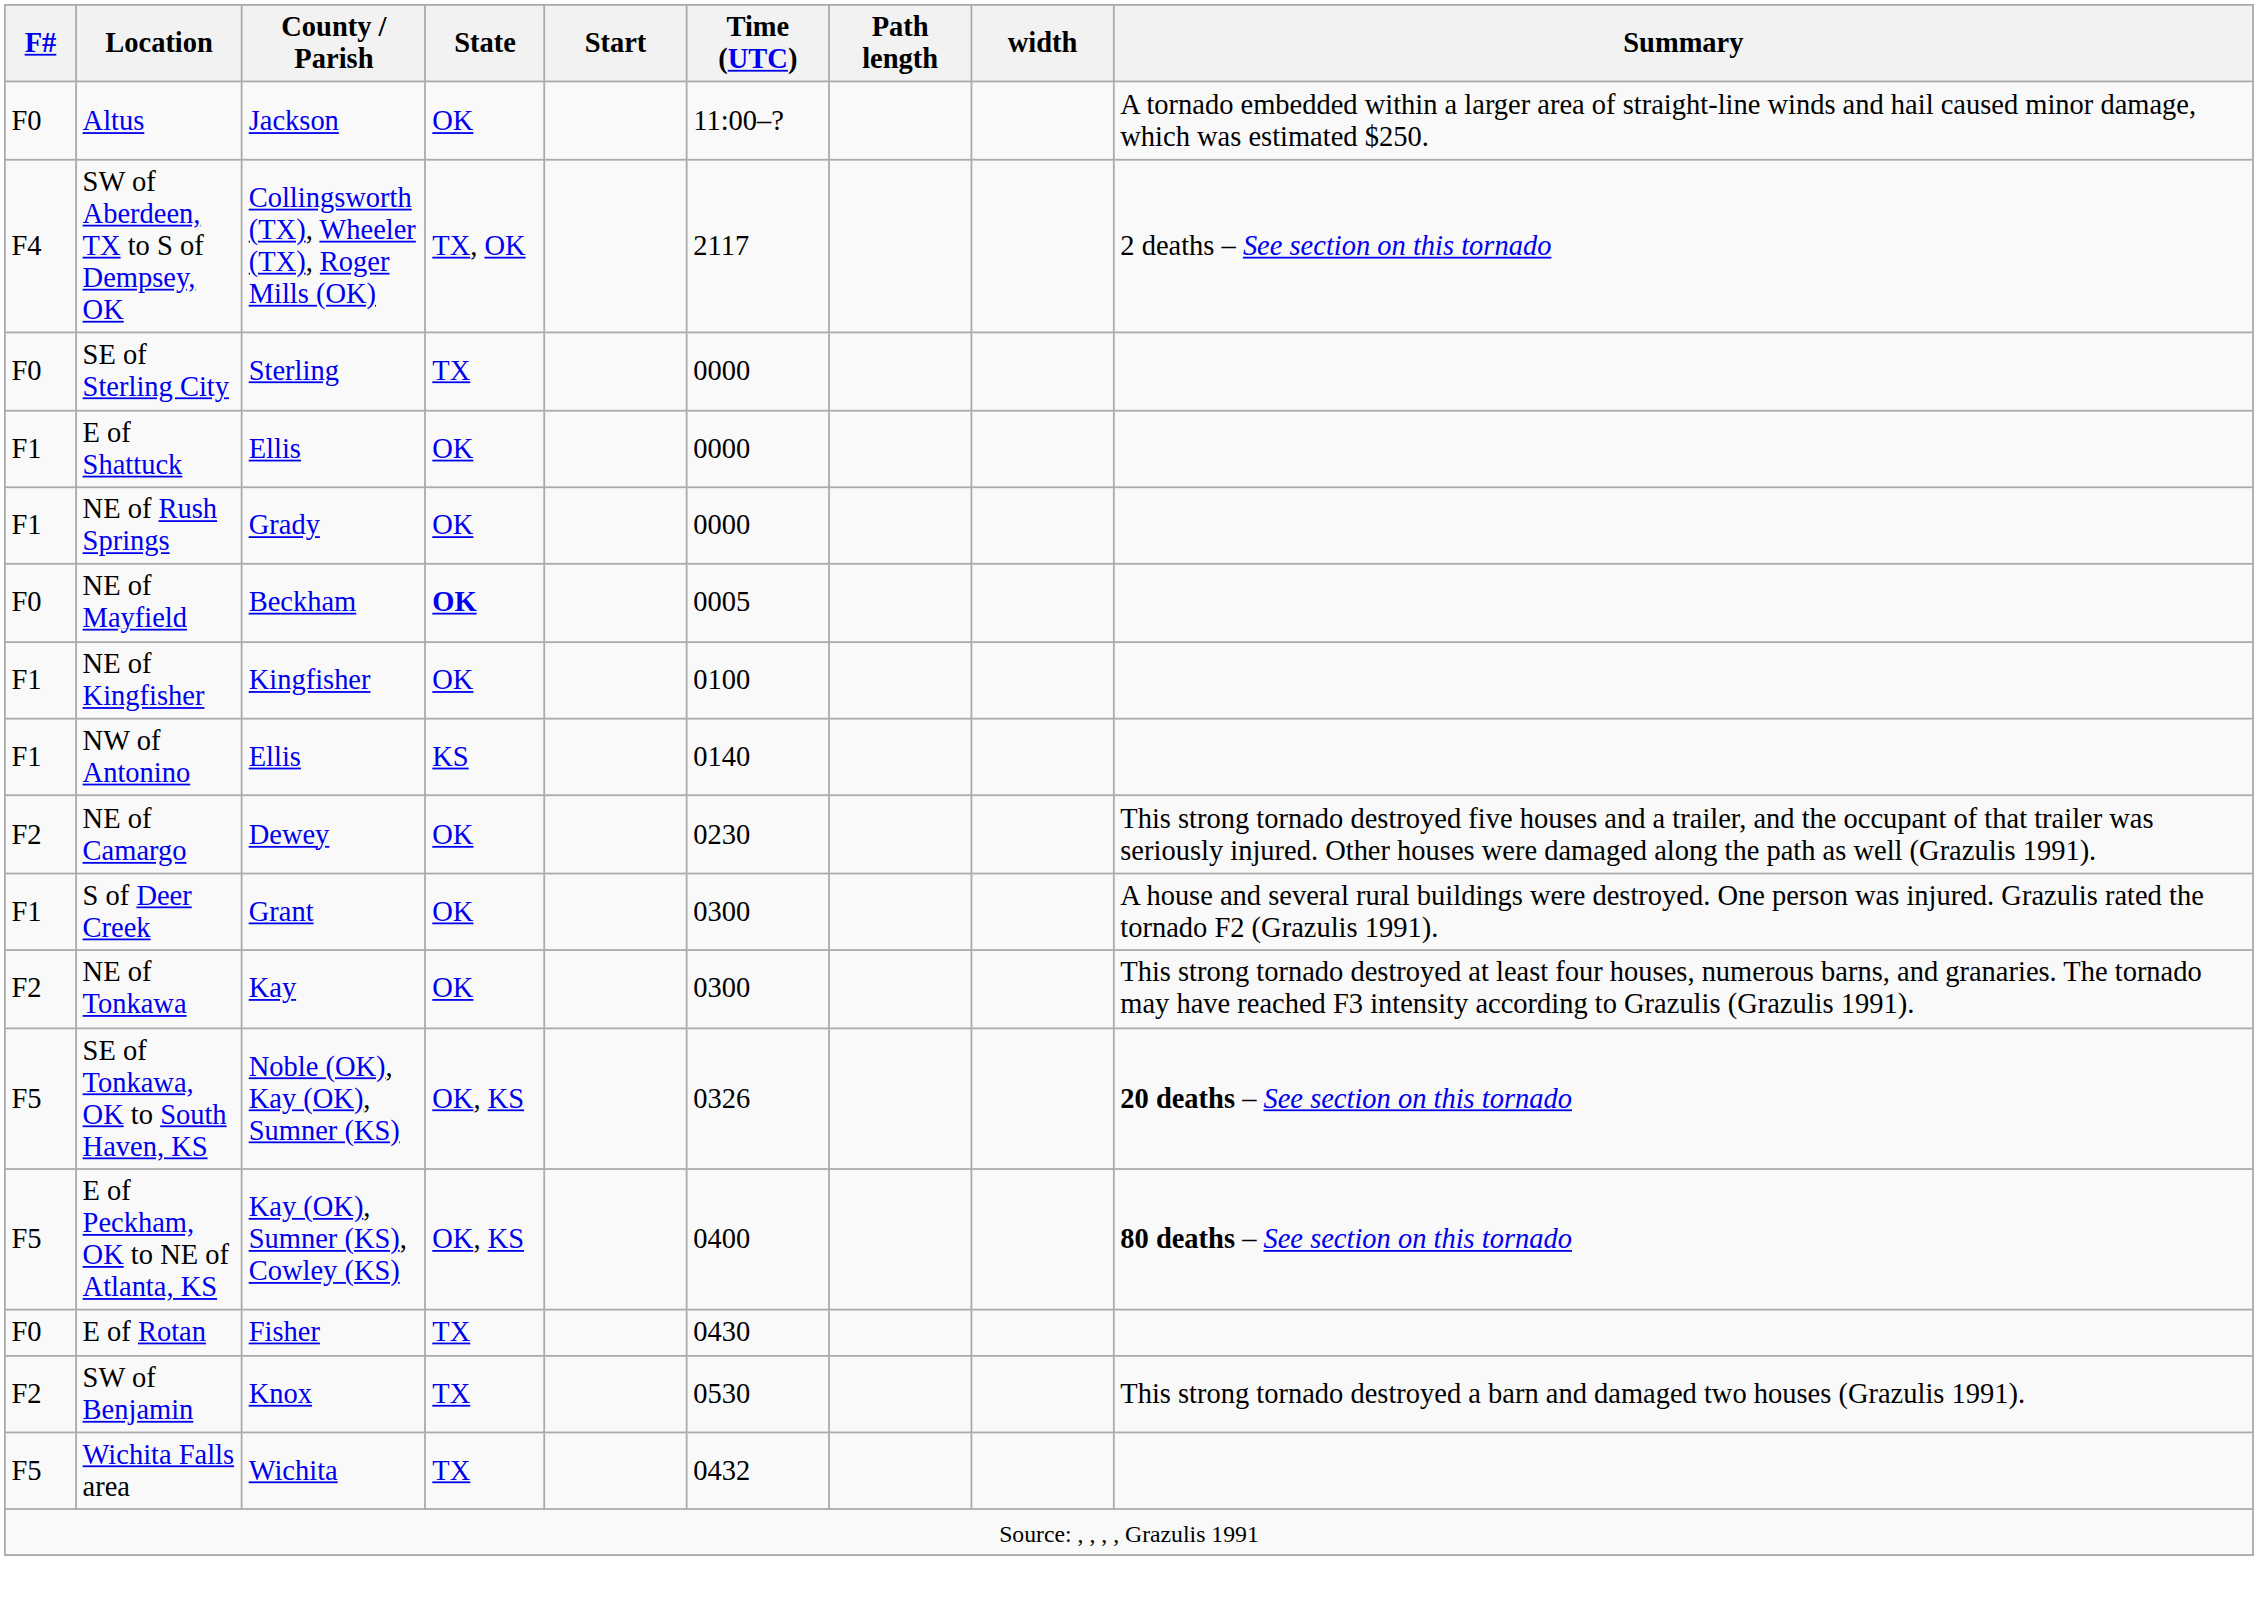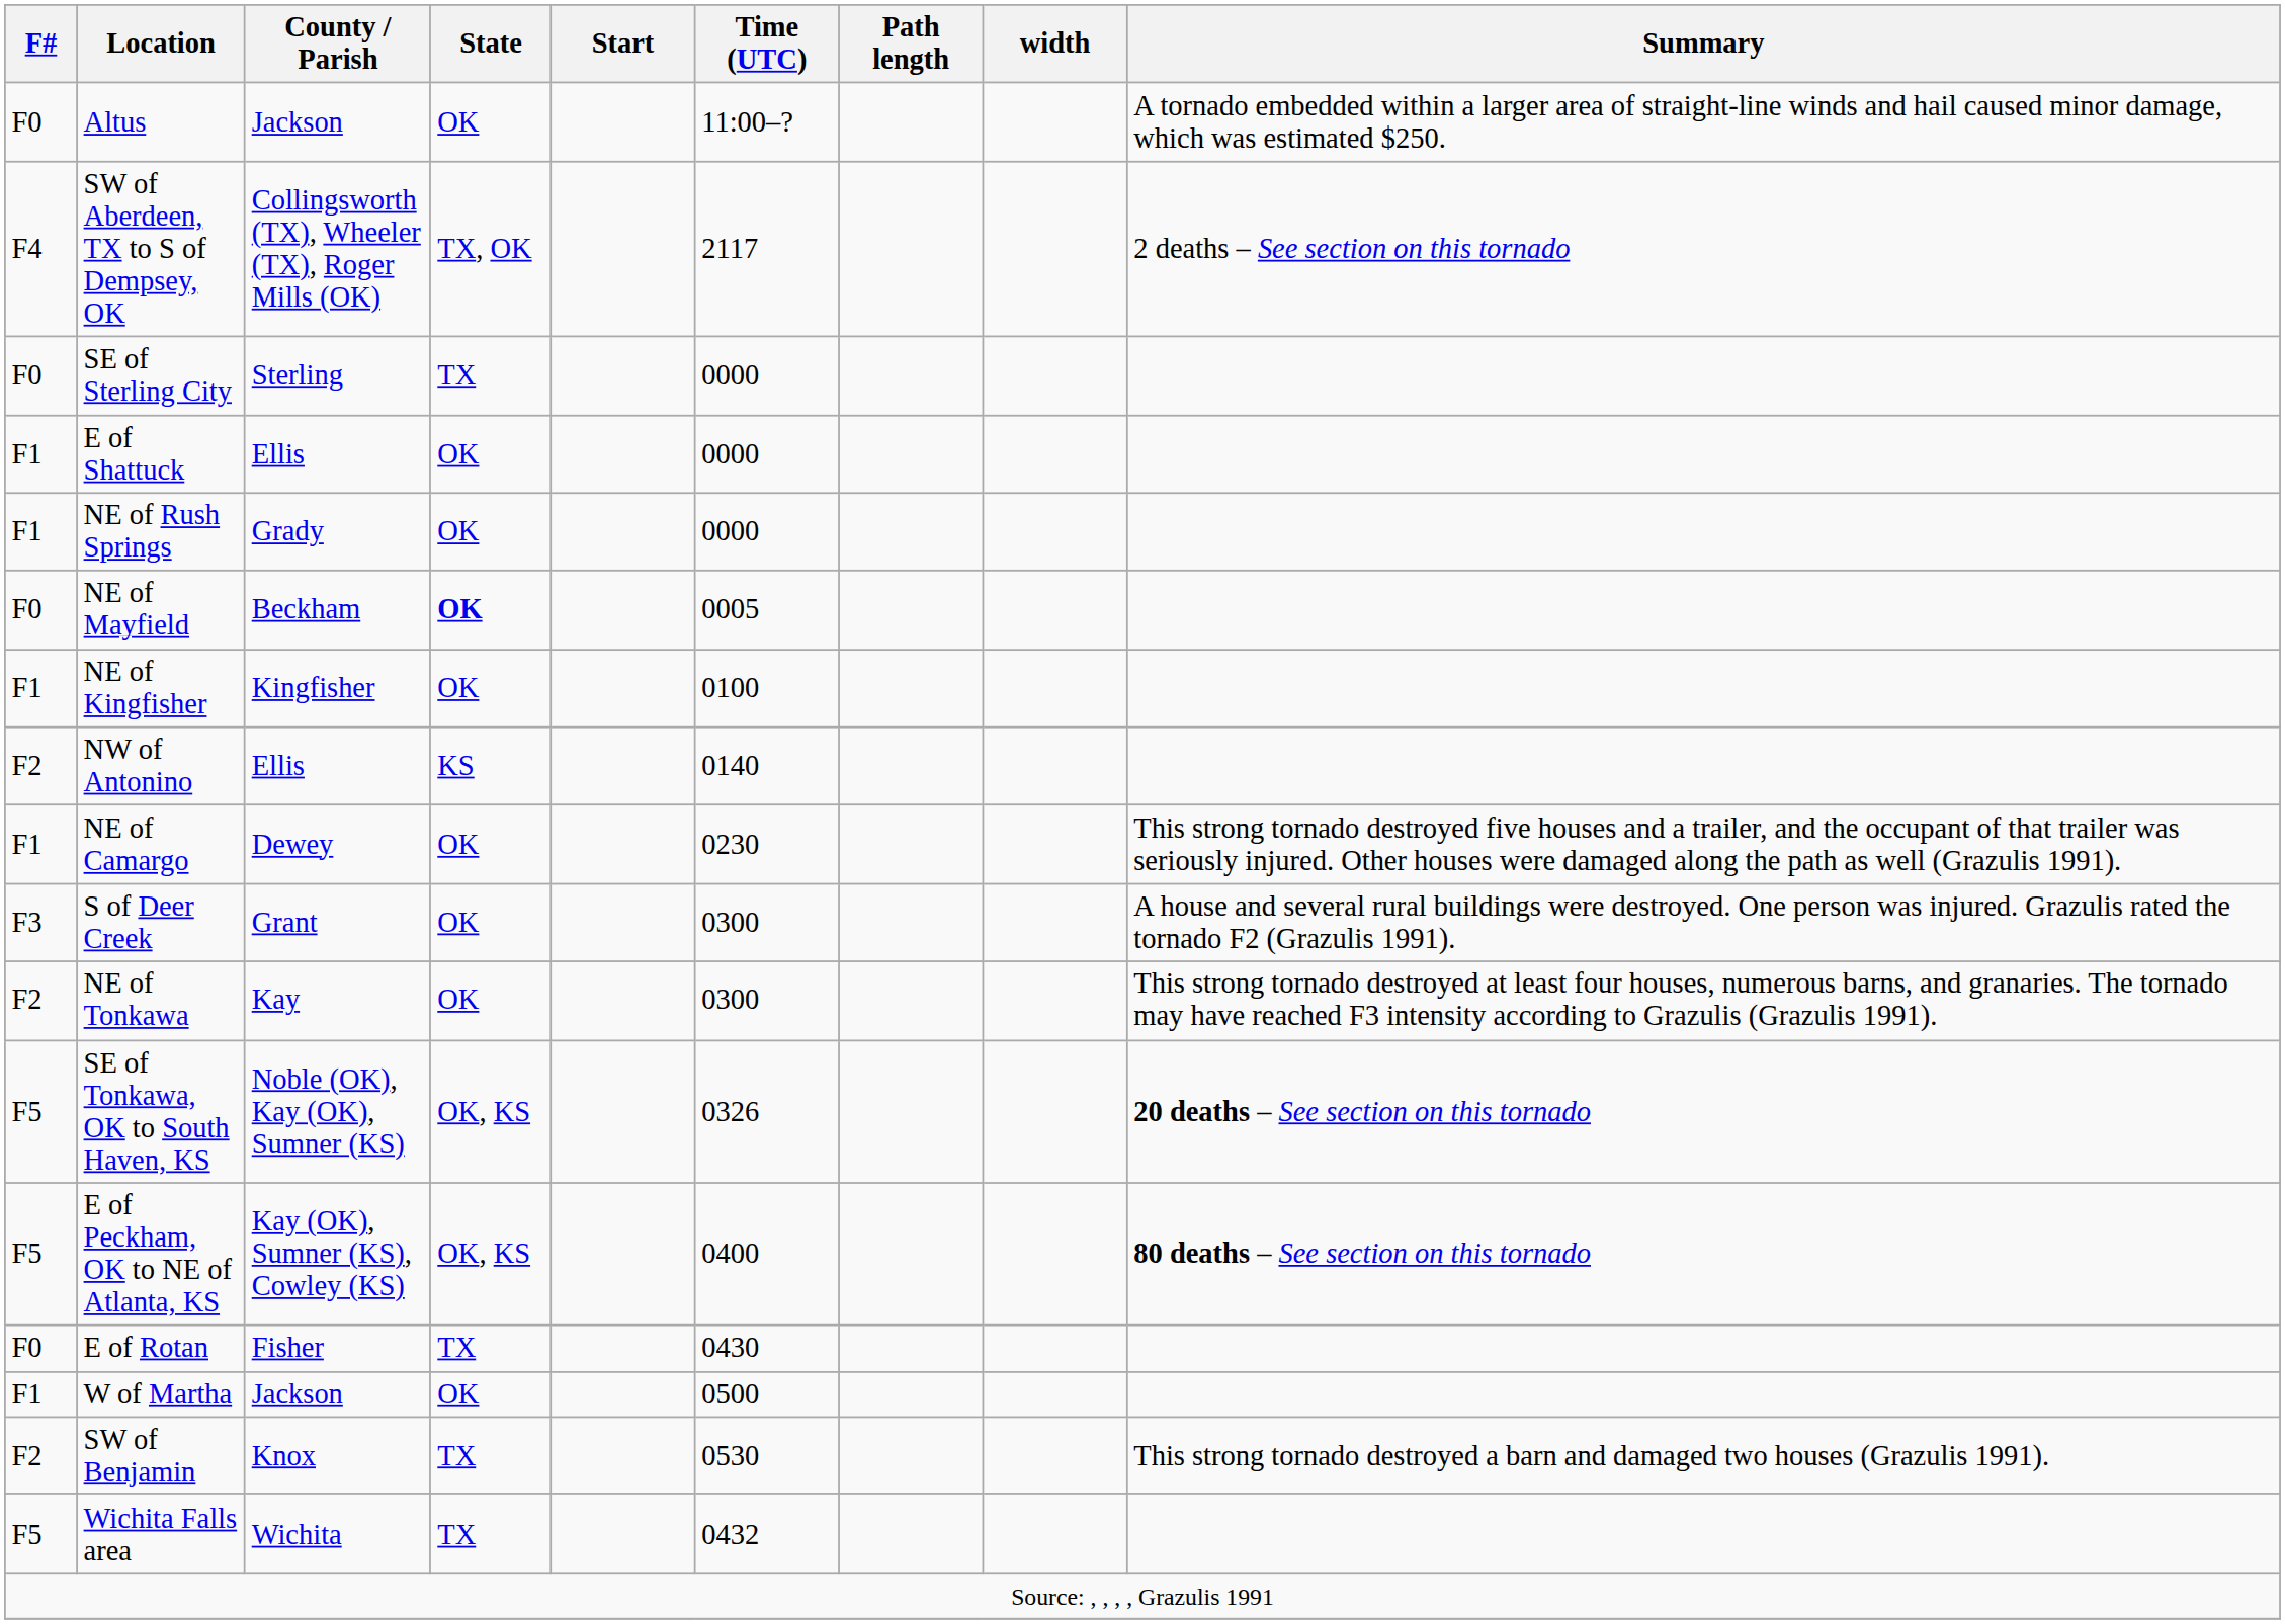 <table class="wikitable sortable" style="width:100%;">
 <tr>
 <th scope="col"  style="width:3%; text-align:center;"><a href='#'>F#</a></th>
 <th scope="col"  style="width:7%; text-align:center;" class="unsortable">Location</th>
 <th scope="col"  style="width:6%; text-align:center;" class="unsortable">County / Parish</th>
 <th scope="col"  style="width:5%; text-align:center;">State</th>
 <th scope="col"  style="width:6%; text-align:center;">Start<br></th>
 <th scope="col"  style="width:6%; text-align:center;">Time (<a href='#'>UTC</a>)</th>
 <th scope="col"  style="width:6%; text-align:center;">Path length</th>
 <th scope="col"  style="width:6%; text-align:center;"> width</th>
 <th scope="col" class="unsortable" style="width:48%; text-align:center;">Summary</th>
 </tr>
 <tr>
 <td>F0</td>
 <td><a href='#'>Altus</a></td>
 <td><a href='#'>Jackson</a></td>
 <td><a href='#'>OK</a></td>
 <td></td>
 <td>11:00–?</td>
 <td></td>
 <td></td>
 <td>A tornado embedded within a larger area of straight-line winds and hail caused minor damage, which was estimated $250.</td>
 </tr>
 <tr>
 <td>F4</td>
 <td>SW of <a href='#'>Aberdeen, TX</a> to S of <a href='#'>Dempsey, OK</a></td>
 <td><a href='#'>Collingsworth (TX)</a>, <a href='#'>Wheeler (TX)</a>, <a href='#'>Roger Mills (OK)</a></td>
 <td><a href='#'>TX</a>, <a href='#'>OK</a></td>
 <td></td>
 <td>2117</td>
 <td></td>
 <td></td>
 <td>2 deaths – <em><a href='#'>See section on this tornado</a></em></td>
 </tr>
 <tr>
 <td>F0</td>
 <td>SE of <a href='#'>Sterling City</a></td>
 <td><a href='#'>Sterling</a></td>
 <td><a href='#'>TX</a></td>
 <td></td>
 <td>0000</td>
 <td></td>
 <td></td>
 <td></td>
 </tr>
 <tr>
 <td>F1</td>
 <td>E of <a href='#'>Shattuck</a></td>
 <td><a href='#'>Ellis</a></td>
 <td><a href='#'>OK</a></td>
 <td></td>
 <td>0000</td>
 <td></td>
 <td></td>
 <td></td>
 </tr>
 <tr>
 <td>F1</td>
 <td>NE of <a href='#'>Rush Springs</a></td>
 <td><a href='#'>Grady</a></td>
 <td><a href='#'>OK</a></td>
 <td></td>
 <td>0000</td>
 <td></td>
 <td></td>
 <td></td>
 </tr>
 <tr>
 <td>F0</td>
 <td>NE of <a href='#'>Mayfield</a></td>
 <td><a href='#'>Beckham</a></td>
 <td><strong><a href='#'>OK</a></strong></td>
 <td></td>
 <td>0005</td>
 <td></td>
 <td></td>
 <td></td>
 </tr>
 <tr>
 <td>F1</td>
 <td>NE of <a href='#'>Kingfisher</a></td>
 <td><a href='#'>Kingfisher</a></td>
 <td><a href='#'>OK</a></td>
 <td></td>
 <td>0100</td>
 <td></td>
 <td></td>
 <td></td>
 </tr>
 <tr>
-<td>F1</td>
+<td>F2</td>
 <td>NW of <a href='#'>Antonino</a></td>
 <td><a href='#'>Ellis</a></td>
 <td><a href='#'>KS</a></td>
 <td></td>
 <td>0140</td>
 <td></td>
 <td></td>
 <td></td>
 </tr>
 <tr>
-<td>F2</td>
+<td>F1</td>
 <td>NE of <a href='#'>Camargo</a></td>
 <td><a href='#'>Dewey</a></td>
 <td><a href='#'>OK</a></td>
 <td></td>
 <td>0230</td>
 <td></td>
 <td></td>
 <td>This strong tornado destroyed five houses and a trailer, and the occupant of that trailer was seriously injured. Other houses were damaged along the path as well (Grazulis 1991).</td>
 </tr>
 <tr>
-<td>F1</td>
+<td>F3</td>
 <td>S of <a href='#'>Deer Creek</a></td>
 <td><a href='#'>Grant</a></td>
 <td><a href='#'>OK</a></td>
 <td></td>
 <td>0300</td>
 <td></td>
 <td></td>
 <td>A house and several rural buildings were destroyed. One person was injured. Grazulis rated the tornado F2 (Grazulis 1991).</td>
 </tr>
 <tr>
 <td>F2</td>
 <td>NE of <a href='#'>Tonkawa</a></td>
 <td><a href='#'>Kay</a></td>
 <td><a href='#'>OK</a></td>
 <td></td>
 <td>0300</td>
 <td></td>
 <td></td>
 <td>This strong tornado destroyed at least four houses, numerous barns, and granaries. The tornado may have reached F3 intensity according to Grazulis (Grazulis 1991).</td>
 </tr>
 <tr>
 <td>F5</td>
 <td>SE of <a href='#'>Tonkawa, OK</a> to <a href='#'>South Haven, KS</a></td>
 <td><a href='#'>Noble (OK)</a>, <a href='#'>Kay (OK)</a>, <a href='#'>Sumner (KS)</a></td>
 <td><a href='#'>OK</a>, <a href='#'>KS</a></td>
 <td></td>
 <td>0326</td>
 <td></td>
 <td></td>
 <td><strong>20 deaths</strong> – <em><a href='#'>See section on this tornado</a></em></td>
 </tr>
 <tr>
 <td>F5</td>
 <td>E of <a href='#'>Peckham, OK</a> to NE of <a href='#'>Atlanta, KS</a></td>
 <td><a href='#'>Kay (OK)</a>, <a href='#'>Sumner (KS)</a>, <a href='#'>Cowley (KS)</a></td>
 <td><a href='#'>OK</a>, <a href='#'>KS</a></td>
 <td></td>
 <td>0400</td>
 <td></td>
 <td></td>
 <td><strong>80 deaths</strong> – <em><a href='#'>See section on this tornado</a></em></td>
 </tr>
 <tr>
 <td>F0</td>
 <td>E of <a href='#'>Rotan</a></td>
 <td><a href='#'>Fisher</a></td>
 <td><a href='#'>TX</a></td>
 <td></td>
 <td>0430</td>
 <td></td>
 <td></td>
 <td></td>
 </tr>
 <tr>
+<td>F1</td>
+<td>W of <a href='#'>Martha</a></td>
+<td><a href='#'>Jackson</a></td>
+<td><a href='#'>OK</a></td>
+<td></td>
+<td>0500</td>
+<td></td>
+<td></td>
+<td></td>
+</tr>
+<tr>
 <td>F2</td>
 <td>SW of <a href='#'>Benjamin</a></td>
 <td><a href='#'>Knox</a></td>
 <td><a href='#'>TX</a></td>
 <td></td>
 <td>0530</td>
 <td></td>
 <td></td>
 <td>This strong tornado destroyed a barn and damaged two houses (Grazulis 1991).</td>
 </tr>
 <tr>
 <td>F5</td>
 <td><a href='#'>Wichita Falls</a> area</td>
 <td><a href='#'>Wichita</a></td>
 <td><a href='#'>TX</a></td>
 <td></td>
 <td>0432</td>
 <td></td>
 <td></td>
 <td></td>
 </tr>
 <tr>
 <td colspan="9" align=center><small>Source: , , , , Grazulis 1991</small></td>
 </tr>
 <tr>
 </tr>
 </table>
